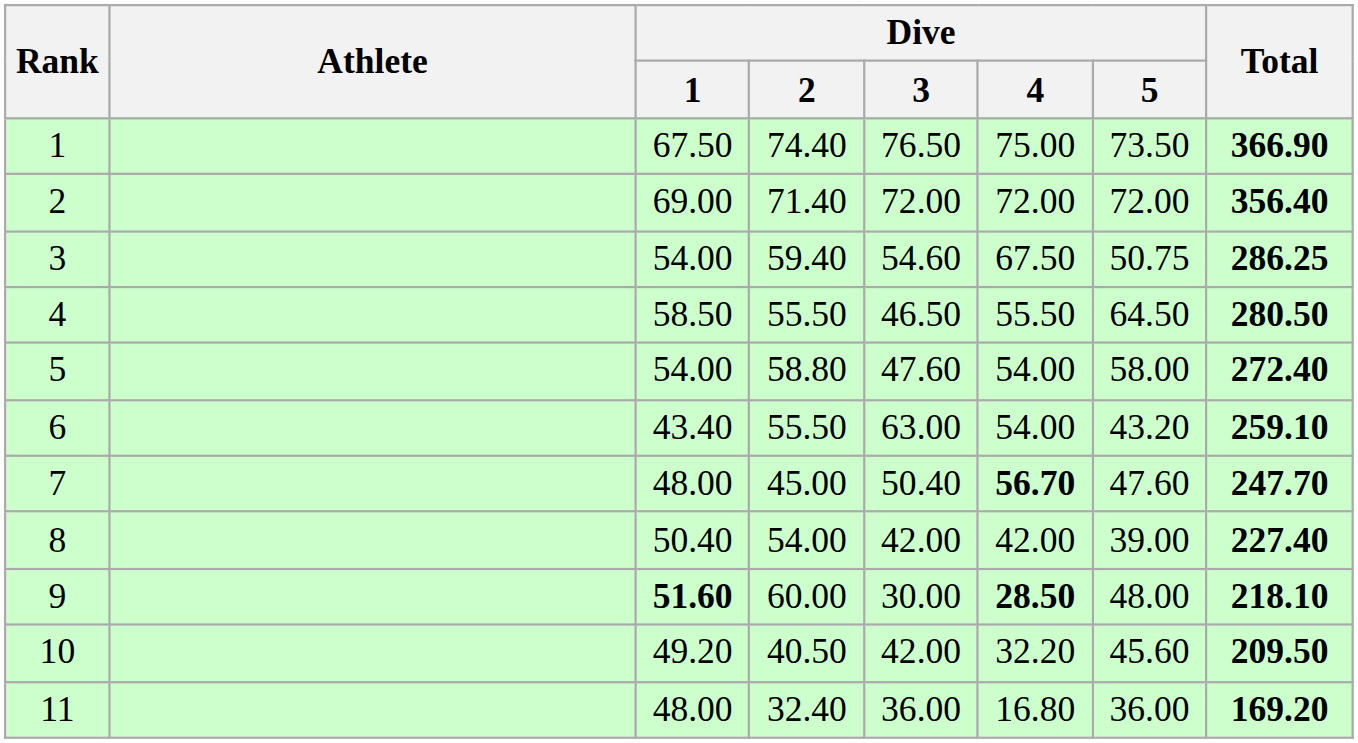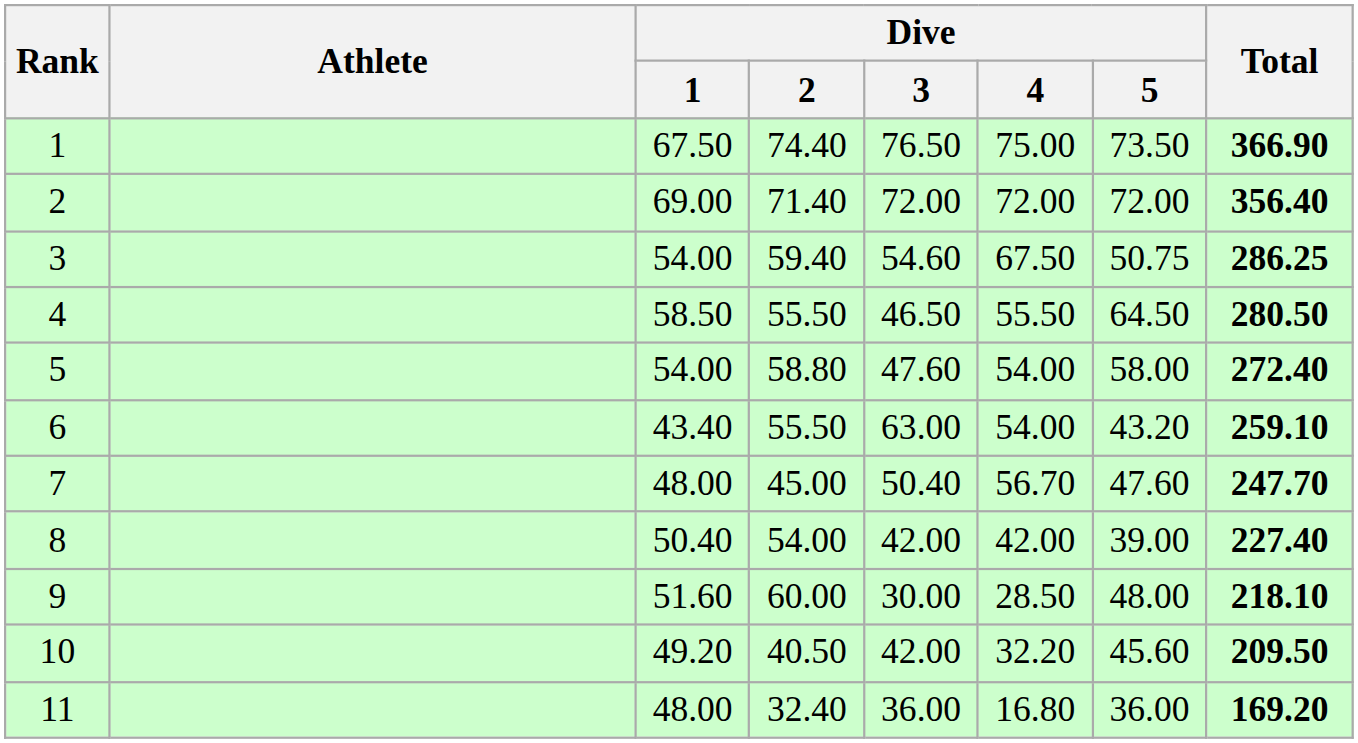 <table class=wikitable style="text-align:center">
 <tr>
 <th rowspan="2" width=40>Rank</th>
 <th rowspan="2" width=250>Athlete</th>
 <th colspan="5">Dive</th>
 <th rowspan="2" width=60>Total</th>
 </tr>
 <tr>
 <th width=45>1</th>
 <th width=45>2</th>
 <th width=45>3</th>
 <th width=45>4</th>
 <th width=45>5</th>
 </tr>
 <tr bgcolor="ccffcc">
 <td>1</td>
 <td align=left></td>
 <td>67.50</td>
 <td>74.40</td>
 <td>76.50</td>
 <td>75.00</td>
 <td>73.50</td>
 <td><strong>366.90</strong></td>
 </tr>
 <tr bgcolor="ccffcc">
 <td>2</td>
 <td align=left></td>
 <td>69.00</td>
 <td>71.40</td>
 <td>72.00</td>
 <td>72.00</td>
 <td>72.00</td>
 <td><strong>356.40</strong></td>
 </tr>
 <tr bgcolor="ccffcc">
 <td>3</td>
 <td align=left></td>
 <td>54.00</td>
 <td>59.40</td>
 <td>54.60</td>
 <td>67.50</td>
 <td>50.75</td>
 <td><strong>286.25</strong></td>
 </tr>
 <tr bgcolor="ccffcc">
 <td>4</td>
 <td align=left></td>
 <td>58.50</td>
 <td>55.50</td>
 <td>46.50</td>
 <td>55.50</td>
 <td>64.50</td>
 <td><strong>280.50</strong></td>
 </tr>
 <tr bgcolor="ccffcc">
 <td>5</td>
 <td align=left></td>
 <td>54.00</td>
 <td>58.80</td>
 <td>47.60</td>
 <td>54.00</td>
 <td>58.00</td>
 <td><strong>272.40</strong></td>
 </tr>
 <tr bgcolor="ccffcc">
 <td>6</td>
 <td align=left></td>
 <td>43.40</td>
 <td>55.50</td>
 <td>63.00</td>
 <td>54.00</td>
 <td>43.20</td>
 <td><strong>259.10</strong></td>
 </tr>
 <tr bgcolor="ccffcc">
 <td>7</td>
 <td align=left></td>
 <td>48.00</td>
 <td>45.00</td>
 <td>50.40</td>
-<td><strong>56.70</strong></td>
+<td>56.70</td>
 <td>47.60</td>
 <td><strong>247.70</strong></td>
 </tr>
 <tr bgcolor="ccffcc">
 <td>8</td>
 <td align=left></td>
 <td>50.40</td>
 <td>54.00</td>
 <td>42.00</td>
 <td>42.00</td>
 <td>39.00</td>
 <td><strong>227.40</strong></td>
 </tr>
 <tr bgcolor="ccffcc">
 <td>9</td>
 <td align=left></td>
-<td><strong>51.60</strong></td>
+<td>51.60</td>
 <td>60.00</td>
 <td>30.00</td>
-<td><strong>28.50</strong></td>
+<td>28.50</td>
 <td>48.00</td>
 <td><strong>218.10</strong></td>
 </tr>
 <tr bgcolor="ccffcc">
 <td>10</td>
 <td align=left></td>
 <td>49.20</td>
 <td>40.50</td>
 <td>42.00</td>
 <td>32.20</td>
 <td>45.60</td>
 <td><strong>209.50</strong></td>
 </tr>
 <tr bgcolor="ccffcc">
 <td>11</td>
 <td align=left></td>
 <td>48.00</td>
 <td>32.40</td>
 <td>36.00</td>
 <td>16.80</td>
 <td>36.00</td>
 <td><strong>169.20</strong></td>
 </tr>
 </table>
